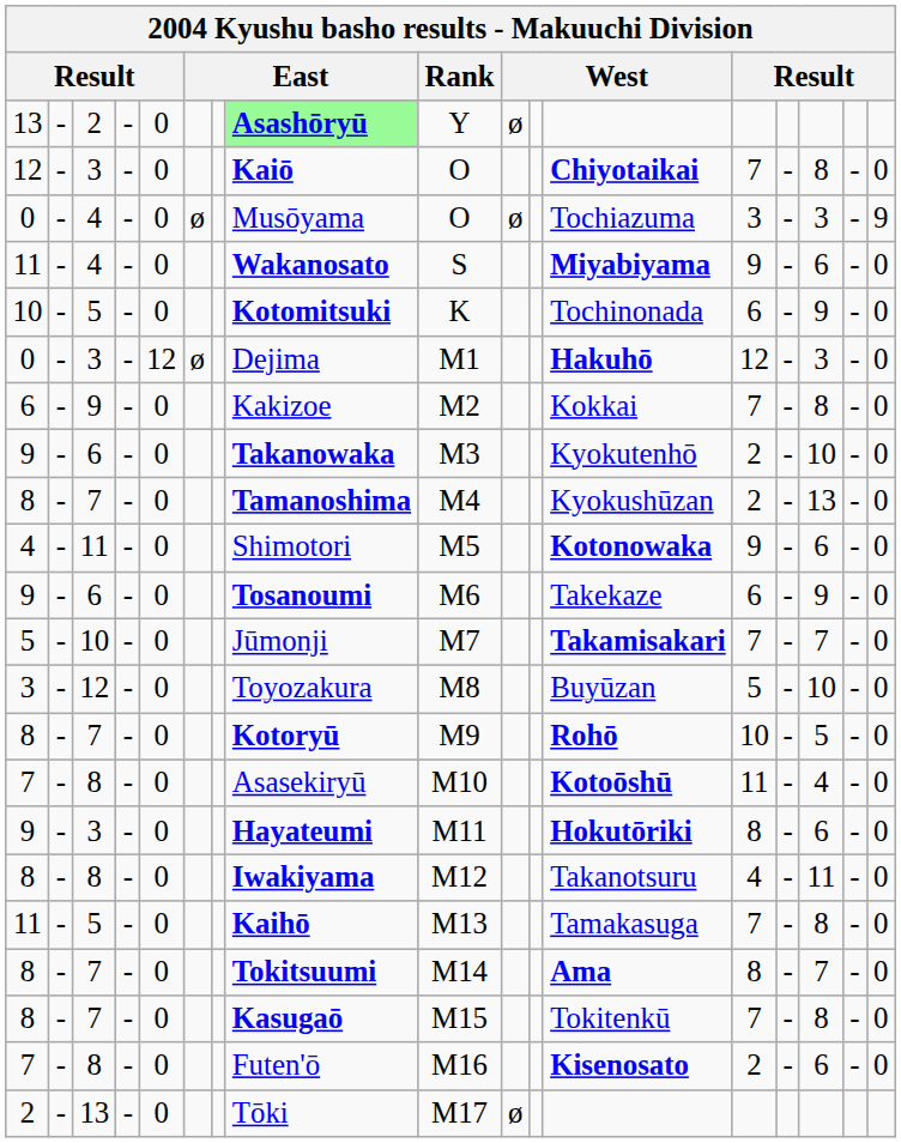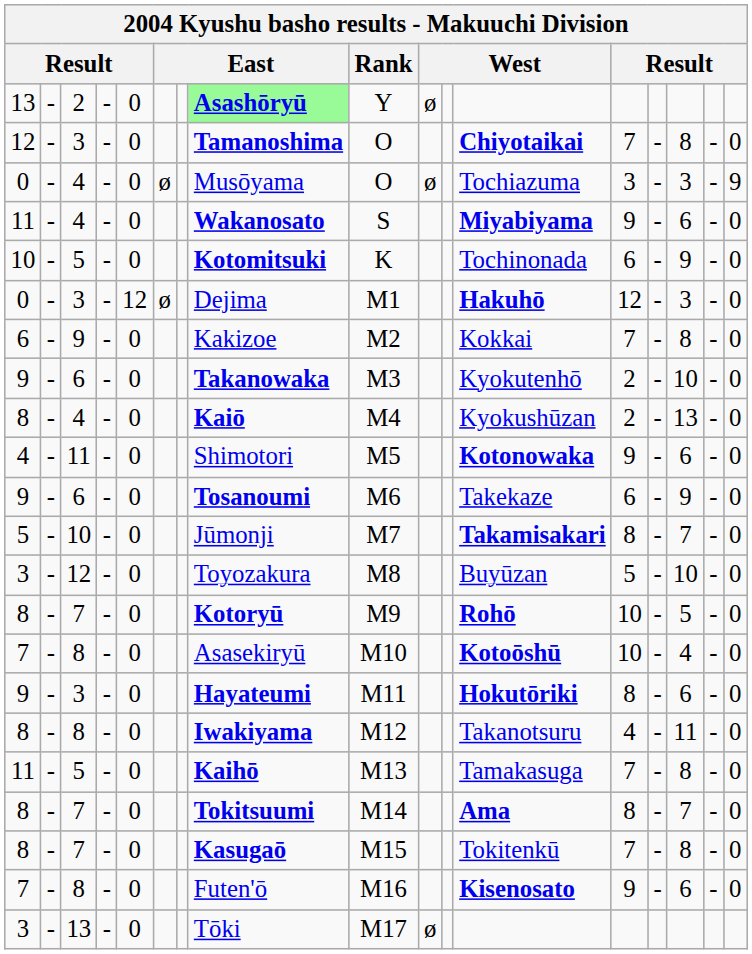 <table class="wikitable">
 <tr>
 <th colspan="17">2004 Kyushu basho results - Makuuchi Division</th>
 </tr>
 <tr>
 <th colspan="5">Result</th>
 <th colspan="3">East</th>
 <th>Rank</th>
 <th colspan="3">West</th>
 <th colspan="5">Result</th>
 </tr>
 <tr>
 <td align=center>13</td>
 <td align=center>-</td>
 <td align=center>2</td>
 <td align=center>-</td>
 <td align=center>0</td>
 <td align=center></td>
 <td align=center></td>
 <td style="background: PaleGreen;"><strong><a href='#'>Asashōryū</a></strong></td>
 <td align=center>Y</td>
 <td align=center>ø</td>
 <td align=center></td>
 <td></td>
 <td align=center></td>
 <td align=center></td>
 <td align=center></td>
 <td align=center></td>
 <td align=center></td>
 </tr>
 <tr>
 <td align=center>12</td>
 <td align=center>-</td>
 <td align=center>3</td>
 <td align=center>-</td>
 <td align=center>0</td>
 <td align=center></td>
 <td align=center></td>
-<td><strong><a href='#'>Kaiō</a></strong></td>
+<td><a href='#'><strong>Tamanoshima</strong></a></td>
 <td align=center>O</td>
 <td align=center></td>
 <td align=center></td>
 <td><strong><a href='#'>Chiyotaikai</a></strong></td>
 <td align=center>7</td>
 <td align=center>-</td>
 <td align=center>8</td>
 <td align=center>-</td>
 <td align=center>0</td>
 </tr>
 <tr>
 <td align=center>0</td>
 <td align=center>-</td>
 <td align=center>4</td>
 <td align=center>-</td>
 <td align=center>0</td>
 <td align=center>ø</td>
 <td align=center></td>
 <td><a href='#'>Musōyama</a></td>
 <td align=center>O</td>
 <td align=center>ø</td>
 <td align=center></td>
 <td><a href='#'>Tochiazuma</a></td>
 <td align=center>3</td>
 <td align=center>-</td>
 <td align=center>3</td>
 <td align=center>-</td>
 <td align=center>9</td>
 </tr>
 <tr>
 <td align=center>11</td>
 <td align=center>-</td>
 <td align=center>4</td>
 <td align=center>-</td>
 <td align=center>0</td>
 <td align=center></td>
 <td align=center></td>
 <td><a href='#'><strong>Wakanosato</strong></a></td>
 <td align=center>S</td>
 <td align=center></td>
 <td align=center></td>
 <td><a href='#'><strong>Miyabiyama</strong></a></td>
 <td align=center>9</td>
 <td align=center>-</td>
 <td align=center>6</td>
 <td align=center>-</td>
 <td align=center>0</td>
 </tr>
 <tr>
 <td align=center>10</td>
 <td align=center>-</td>
 <td align=center>5</td>
 <td align=center>-</td>
 <td align=center>0</td>
 <td align=center></td>
 <td align=center></td>
 <td><a href='#'><strong>Kotomitsuki</strong></a></td>
 <td align=center>K</td>
 <td align=center></td>
 <td align=center></td>
 <td><a href='#'>Tochinonada</a></td>
 <td align=center>6</td>
 <td align=center>-</td>
 <td align=center>9</td>
 <td align=center>-</td>
 <td align=center>0</td>
 </tr>
 <tr>
 <td align=center>0</td>
 <td align=center>-</td>
 <td align=center>3</td>
 <td align=center>-</td>
 <td align=center>12</td>
 <td align=center>ø</td>
 <td align=center></td>
 <td><a href='#'>Dejima</a></td>
 <td align=center>M1</td>
 <td align=center></td>
 <td align=center></td>
 <td><strong><a href='#'>Hakuhō</a></strong></td>
 <td align=center>12</td>
 <td align=center>-</td>
 <td align=center>3</td>
 <td align=center>-</td>
 <td align=center>0</td>
 </tr>
 <tr>
 <td align=center>6</td>
 <td align=center>-</td>
 <td align=center>9</td>
 <td align=center>-</td>
 <td align=center>0</td>
 <td align=center></td>
 <td align=center></td>
 <td><a href='#'>Kakizoe</a></td>
 <td align=center>M2</td>
 <td align=center></td>
 <td align=center></td>
 <td><a href='#'>Kokkai</a></td>
 <td align=center>7</td>
 <td align=center>-</td>
 <td align=center>8</td>
 <td align=center>-</td>
 <td align=center>0</td>
 </tr>
 <tr>
 <td align=center>9</td>
 <td align=center>-</td>
 <td align=center>6</td>
 <td align=center>-</td>
 <td align=center>0</td>
 <td align=center></td>
 <td align=center></td>
 <td><a href='#'><strong>Takanowaka</strong></a></td>
 <td align=center>M3</td>
 <td align=center></td>
 <td align=center></td>
 <td><a href='#'>Kyokutenhō</a></td>
 <td align=center>2</td>
 <td align=center>-</td>
 <td align=center>10</td>
 <td align=center>-</td>
 <td align=center>0</td>
 </tr>
 <tr>
 <td align=center>8</td>
 <td align=center>-</td>
-<td align=center>7</td>
+<td align=center>4</td>
 <td align=center>-</td>
 <td align=center>0</td>
 <td align=center></td>
 <td align=center></td>
-<td><a href='#'><strong>Tamanoshima</strong></a></td>
+<td><strong><a href='#'>Kaiō</a></strong></td>
 <td align=center>M4</td>
 <td align=center></td>
 <td align=center></td>
 <td><a href='#'>Kyokushūzan</a></td>
 <td align=center>2</td>
 <td align=center>-</td>
 <td align=center>13</td>
 <td align=center>-</td>
 <td align=center>0</td>
 </tr>
 <tr>
 <td align=center>4</td>
 <td align=center>-</td>
 <td align=center>11</td>
 <td align=center>-</td>
 <td align=center>0</td>
 <td align=center></td>
 <td align=center></td>
 <td><a href='#'>Shimotori</a></td>
 <td align=center>M5</td>
 <td align=center></td>
 <td align=center></td>
 <td><a href='#'><strong>Kotonowaka</strong></a></td>
 <td align=center>9</td>
 <td align=center>-</td>
 <td align=center>6</td>
 <td align=center>-</td>
 <td align=center>0</td>
 </tr>
 <tr>
 <td align=center>9</td>
 <td align=center>-</td>
 <td align=center>6</td>
 <td align=center>-</td>
 <td align=center>0</td>
 <td align=center></td>
 <td align=center></td>
 <td><strong><a href='#'>Tosanoumi</a></strong></td>
 <td align=center>M6</td>
 <td align=center></td>
 <td align=center></td>
 <td><a href='#'>Takekaze</a></td>
 <td align=center>6</td>
 <td align=center>-</td>
 <td align=center>9</td>
 <td align=center>-</td>
 <td align=center>0</td>
 </tr>
 <tr>
 <td align=center>5</td>
 <td align=center>-</td>
 <td align=center>10</td>
 <td align=center>-</td>
 <td align=center>0</td>
 <td align=center></td>
 <td align=center></td>
 <td><a href='#'>Jūmonji</a></td>
 <td align=center>M7</td>
 <td align=center></td>
 <td align=center></td>
 <td><a href='#'><strong>Takamisakari</strong></a></td>
-<td align=center>7</td>
+<td align=center>8</td>
 <td align=center>-</td>
 <td align=center>7</td>
 <td align=center>-</td>
 <td align=center>0</td>
 </tr>
 <tr>
 <td align=center>3</td>
 <td align=center>-</td>
 <td align=center>12</td>
 <td align=center>-</td>
 <td align=center>0</td>
 <td align=center></td>
 <td align=center></td>
 <td><a href='#'>Toyozakura</a></td>
 <td align=center>M8</td>
 <td align=center></td>
 <td align=center></td>
 <td><a href='#'>Buyūzan</a></td>
 <td align=center>5</td>
 <td align=center>-</td>
 <td align=center>10</td>
 <td align=center>-</td>
 <td align=center>0</td>
 </tr>
 <tr>
 <td align=center>8</td>
 <td align=center>-</td>
 <td align=center>7</td>
 <td align=center>-</td>
 <td align=center>0</td>
 <td align=center></td>
 <td align=center></td>
 <td><a href='#'><strong>Kotoryū</strong></a></td>
 <td align=center>M9</td>
 <td align=center></td>
 <td align=center></td>
 <td><a href='#'><strong>Rohō</strong></a></td>
 <td align=center>10</td>
 <td align=center>-</td>
 <td align=center>5</td>
 <td align=center>-</td>
 <td align=center>0</td>
 </tr>
 <tr>
 <td align=center>7</td>
 <td align=center>-</td>
 <td align=center>8</td>
 <td align=center>-</td>
 <td align=center>0</td>
 <td align=center></td>
 <td align=center></td>
 <td><a href='#'>Asasekiryū</a></td>
 <td align=center>M10</td>
 <td align=center></td>
 <td align=center></td>
 <td><strong><a href='#'>Kotoōshū</a></strong></td>
-<td align=center>11</td>
+<td align=center>10</td>
 <td align=center>-</td>
 <td align=center>4</td>
 <td align=center>-</td>
 <td align=center>0</td>
 </tr>
 <tr>
 <td align=center>9</td>
 <td align=center>-</td>
 <td align=center>3</td>
 <td align=center>-</td>
 <td align=center>0</td>
 <td align=center></td>
 <td align=center></td>
 <td><a href='#'><strong>Hayateumi</strong></a></td>
 <td align=center>M11</td>
 <td align=center></td>
 <td align=center></td>
 <td><a href='#'><strong>Hokutōriki</strong></a></td>
 <td align=center>8</td>
 <td align=center>-</td>
 <td align=center>6</td>
 <td align=center>-</td>
 <td align=center>0</td>
 </tr>
 <tr>
 <td align=center>8</td>
 <td align=center>-</td>
 <td align=center>8</td>
 <td align=center>-</td>
 <td align=center>0</td>
 <td align=center></td>
 <td align=center></td>
 <td><a href='#'><strong>Iwakiyama</strong></a></td>
 <td align=center>M12</td>
 <td align=center></td>
 <td align=center></td>
 <td><a href='#'>Takanotsuru</a></td>
 <td align=center>4</td>
 <td align=center>-</td>
 <td align=center>11</td>
 <td align=center>-</td>
 <td align=center>0</td>
 </tr>
 <tr>
 <td align=center>11</td>
 <td align=center>-</td>
 <td align=center>5</td>
 <td align=center>-</td>
 <td align=center>0</td>
 <td align=center></td>
 <td align=center></td>
 <td><a href='#'><strong>Kaihō</strong></a></td>
 <td align=center>M13</td>
 <td align=center></td>
 <td align=center></td>
 <td><a href='#'>Tamakasuga</a></td>
 <td align=center>7</td>
 <td align=center>-</td>
 <td align=center>8</td>
 <td align=center>-</td>
 <td align=center>0</td>
 </tr>
 <tr>
 <td align=center>8</td>
 <td align=center>-</td>
 <td align=center>7</td>
 <td align=center>-</td>
 <td align=center>0</td>
 <td align=center></td>
 <td align=center></td>
 <td><strong><a href='#'>Tokitsuumi</a></strong></td>
 <td align=center>M14</td>
 <td align=center></td>
 <td align=center></td>
 <td><strong><a href='#'>Ama</a></strong></td>
 <td align=center>8</td>
 <td align=center>-</td>
 <td align=center>7</td>
 <td align=center>-</td>
 <td align=center>0</td>
 </tr>
 <tr>
 <td align=center>8</td>
 <td align=center>-</td>
 <td align=center>7</td>
 <td align=center>-</td>
 <td align=center>0</td>
 <td align=center></td>
 <td align=center></td>
 <td><a href='#'><strong>Kasugaō</strong></a></td>
 <td align=center>M15</td>
 <td align=center></td>
 <td align=center></td>
 <td><a href='#'>Tokitenkū</a></td>
 <td align=center>7</td>
 <td align=center>-</td>
 <td align=center>8</td>
 <td align=center>-</td>
 <td align=center>0</td>
 </tr>
 <tr>
 <td align=center>7</td>
 <td align=center>-</td>
 <td align=center>8</td>
 <td align=center>-</td>
 <td align=center>0</td>
 <td align=center></td>
 <td align=center></td>
 <td><a href='#'>Futen'ō</a></td>
 <td align=center>M16</td>
 <td align=center></td>
 <td align=center></td>
 <td><strong><a href='#'>Kisenosato</a></strong></td>
-<td align=center>2</td>
+<td align=center>9</td>
 <td align=center>-</td>
 <td align=center>6</td>
 <td align=center>-</td>
 <td align=center>0</td>
 </tr>
 <tr>
-<td align=center>2</td>
+<td align=center>3</td>
 <td align=center>-</td>
 <td align=center>13</td>
 <td align=center>-</td>
 <td align=center>0</td>
 <td align=center></td>
 <td align=center></td>
 <td><a href='#'>Tōki</a></td>
 <td align=center>M17</td>
 <td align=center>ø</td>
 <td align=center></td>
 <td></td>
 <td align=center></td>
 <td align=center></td>
 <td align=center></td>
 <td align=center></td>
 <td align=center></td>
 </tr>
 </table>
